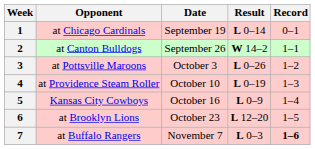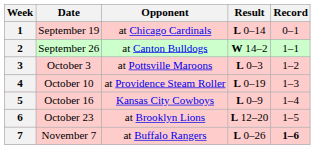 <table class="wikitable" style="text-align:center">
 <tr>
 <th>Week</th>
+<th>Date</th>
 <th>Opponent</th>
-<th>Date</th>
 <th>Result</th>
 <th>Record</th>
 </tr>
 <tr style="background:#fcc">
 <th>1</th>
+<td>September 19</td>
 <td>at <a href='#'>Chicago Cardinals</a></td>
-<td>September 19</td>
 <td><strong>L</strong> 0–14</td>
 <td>0–1</td>
 </tr>
 <tr style="background:#cfc">
 <th>2</th>
+<td>September 26</td>
 <td>at <a href='#'>Canton Bulldogs</a></td>
-<td>September 26</td>
 <td><strong>W</strong> 14–2</td>
 <td>1–1</td>
 </tr>
 <tr style="background:#fcc">
 <th>3</th>
+<td>October 3</td>
 <td>at <a href='#'>Pottsville Maroons</a></td>
-<td>October 3</td>
-<td><strong>L</strong> 0–26</td>
+<td><strong>L</strong> 0–3</td>
 <td>1–2</td>
 </tr>
 <tr style="background:#fcc">
 <th>4</th>
+<td>October 10</td>
 <td>at <a href='#'>Providence Steam Roller</a></td>
-<td>October 10</td>
 <td><strong>L</strong> 0–19</td>
 <td>1–3</td>
 </tr>
 <tr style="background:#fcc">
 <th>5</th>
+<td>October 16</td>
 <td><a href='#'>Kansas City Cowboys</a></td>
-<td>October 16</td>
 <td><strong>L</strong> 0–9</td>
 <td>1–4</td>
 </tr>
 <tr style="background:#fcc">
 <th>6</th>
+<td>October 23</td>
 <td>at <a href='#'>Brooklyn Lions</a></td>
-<td>October 23</td>
 <td><strong>L</strong> 12–20</td>
 <td>1–5</td>
 </tr>
 <tr style="background:#fcc">
 <th>7</th>
+<td>November 7</td>
 <td>at <a href='#'>Buffalo Rangers</a></td>
-<td>November 7</td>
-<td><strong>L</strong> 0–3</td>
+<td><strong>L</strong> 0–26</td>
 <td><strong>1–6</strong></td>
 </tr>
 </table>
